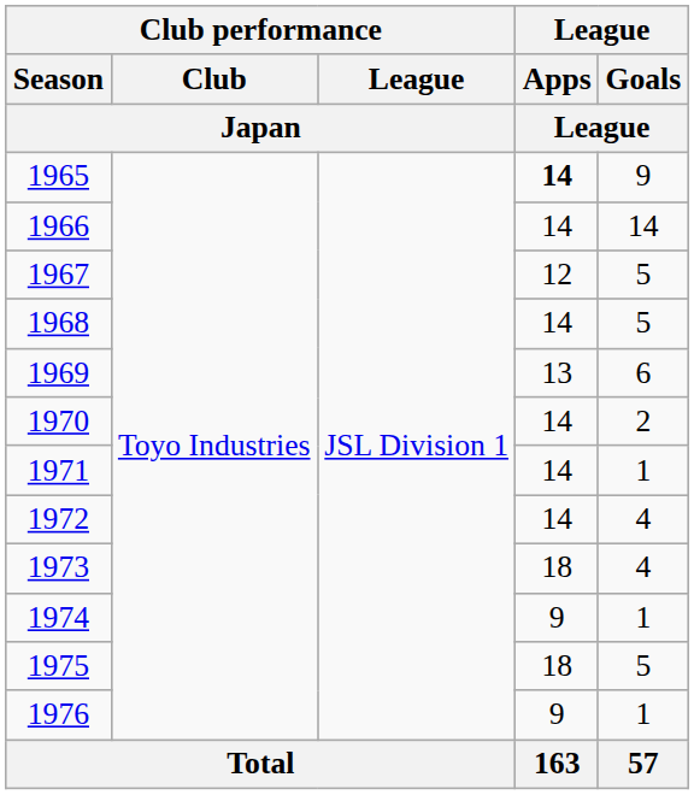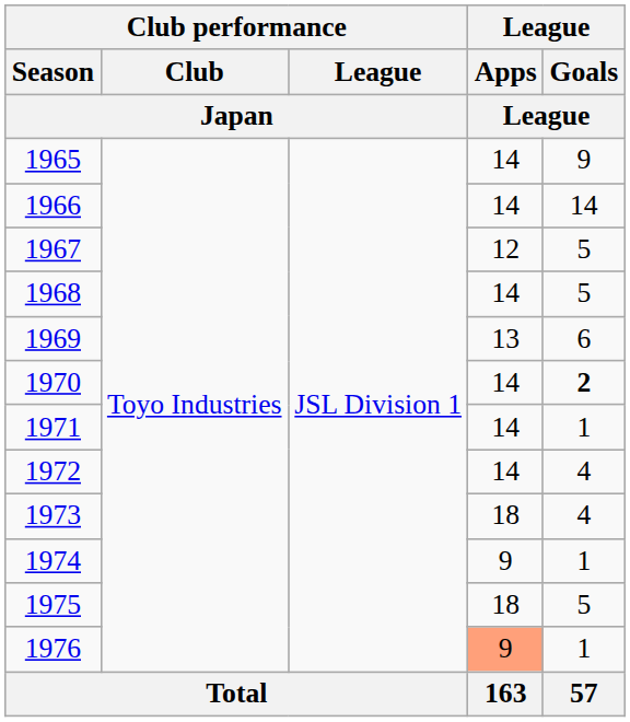 <table class="wikitable" style="text-align:center;">
 <tr>
 <th colspan=3>Club performance</th>
 <th colspan=2>League</th>
 </tr>
 <tr>
 <th>Season</th>
 <th>Club</th>
 <th>League</th>
 <th>Apps</th>
 <th>Goals</th>
 </tr>
 <tr>
 <th colspan=3>Japan</th>
 <th colspan=2>League</th>
 </tr>
 <tr>
 <td><a href='#'>1965</a></td>
 <td rowspan=12><a href='#'>Toyo Industries</a></td>
 <td rowspan=12><a href='#'>JSL Division 1</a></td>
-<td><strong>14</strong></td>
+<td>14</td>
 <td>9</td>
 </tr>
 <tr>
 <td><a href='#'>1966</a></td>
 <td>14</td>
 <td>14</td>
 </tr>
 <tr>
 <td><a href='#'>1967</a></td>
 <td>12</td>
 <td>5</td>
 </tr>
 <tr>
 <td><a href='#'>1968</a></td>
 <td>14</td>
 <td>5</td>
 </tr>
 <tr>
 <td><a href='#'>1969</a></td>
 <td>13</td>
 <td>6</td>
 </tr>
 <tr>
 <td><a href='#'>1970</a></td>
 <td>14</td>
-<td>2</td>
+<td><strong>2</strong></td>
 </tr>
 <tr>
 <td><a href='#'>1971</a></td>
 <td>14</td>
 <td>1</td>
 </tr>
 <tr>
 <td><a href='#'>1972</a></td>
 <td>14</td>
 <td>4</td>
 </tr>
 <tr>
 <td><a href='#'>1973</a></td>
 <td>18</td>
 <td>4</td>
 </tr>
 <tr>
 <td><a href='#'>1974</a></td>
 <td>9</td>
 <td>1</td>
 </tr>
 <tr>
 <td><a href='#'>1975</a></td>
 <td>18</td>
 <td>5</td>
 </tr>
 <tr>
 <td><a href='#'>1976</a></td>
-<td>9</td>
+<td style="background: lightsalmon;">9</td>
 <td>1</td>
 </tr>
 <tr>
 <th colspan=3>Total</th>
 <th>163</th>
 <th>57</th>
 </tr>
 </table>
